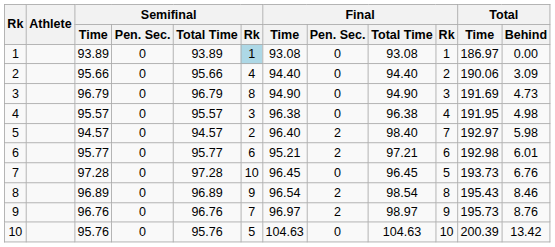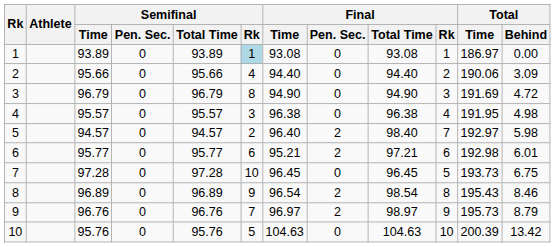 <table class=wikitable style="text-align:center; font-size:90%">
 <tr>
 <th rowspan="2">Rk</th>
 <th rowspan="2">Athlete</th>
 <th colspan="4">Semifinal</th>
 <th colspan="4">Final</th>
 <th colspan="2">Total</th>
 </tr>
 <tr>
 <th>Time</th>
 <th>Pen. Sec.</th>
 <th>Total Time</th>
 <th>Rk</th>
 <th>Time</th>
 <th>Pen. Sec.</th>
 <th>Total Time</th>
 <th>Rk</th>
 <th>Time</th>
 <th>Behind</th>
 </tr>
 <tr>
 <td>1</td>
 <td align=left></td>
 <td>93.89</td>
 <td>0</td>
 <td>93.89</td>
 <td style="background: lightblue;">1</td>
 <td>93.08</td>
 <td>0</td>
 <td>93.08</td>
 <td>1</td>
 <td>186.97</td>
 <td>0.00</td>
 </tr>
 <tr>
 <td>2</td>
 <td align=left></td>
 <td>95.66</td>
 <td>0</td>
 <td>95.66</td>
 <td>4</td>
 <td>94.40</td>
 <td>0</td>
 <td>94.40</td>
 <td>2</td>
 <td>190.06</td>
 <td>3.09</td>
 </tr>
 <tr>
 <td>3</td>
 <td align=left></td>
 <td>96.79</td>
 <td>0</td>
 <td>96.79</td>
 <td>8</td>
 <td>94.90</td>
 <td>0</td>
 <td>94.90</td>
 <td>3</td>
 <td>191.69</td>
-<td>4.73</td>
+<td>4.72</td>
 </tr>
 <tr>
 <td>4</td>
 <td align=left></td>
 <td>95.57</td>
 <td>0</td>
 <td>95.57</td>
 <td>3</td>
 <td>96.38</td>
 <td>0</td>
 <td>96.38</td>
 <td>4</td>
 <td>191.95</td>
 <td>4.98</td>
 </tr>
 <tr>
 <td>5</td>
 <td align=left></td>
 <td>94.57</td>
 <td>0</td>
 <td>94.57</td>
 <td>2</td>
 <td>96.40</td>
 <td>2</td>
 <td>98.40</td>
 <td>7</td>
 <td>192.97</td>
 <td>5.98</td>
 </tr>
 <tr>
 <td>6</td>
 <td align=left></td>
 <td>95.77</td>
 <td>0</td>
 <td>95.77</td>
 <td>6</td>
 <td>95.21</td>
 <td>2</td>
 <td>97.21</td>
 <td>6</td>
 <td>192.98</td>
 <td>6.01</td>
 </tr>
 <tr>
 <td>7</td>
 <td align=left></td>
 <td>97.28</td>
 <td>0</td>
 <td>97.28</td>
 <td>10</td>
 <td>96.45</td>
 <td>0</td>
 <td>96.45</td>
 <td>5</td>
 <td>193.73</td>
-<td>6.76</td>
+<td>6.75</td>
 </tr>
 <tr>
 <td>8</td>
 <td align=left></td>
 <td>96.89</td>
 <td>0</td>
 <td>96.89</td>
 <td>9</td>
 <td>96.54</td>
 <td>2</td>
 <td>98.54</td>
 <td>8</td>
 <td>195.43</td>
 <td>8.46</td>
 </tr>
 <tr>
 <td>9</td>
 <td align=left></td>
 <td>96.76</td>
 <td>0</td>
 <td>96.76</td>
 <td>7</td>
 <td>96.97</td>
 <td>2</td>
 <td>98.97</td>
 <td>9</td>
 <td>195.73</td>
-<td>8.76</td>
+<td>8.79</td>
 </tr>
 <tr>
 <td>10</td>
 <td align=left></td>
 <td>95.76</td>
 <td>0</td>
 <td>95.76</td>
 <td>5</td>
 <td>104.63</td>
 <td>0</td>
 <td>104.63</td>
 <td>10</td>
 <td>200.39</td>
 <td>13.42</td>
 </tr>
 </table>
